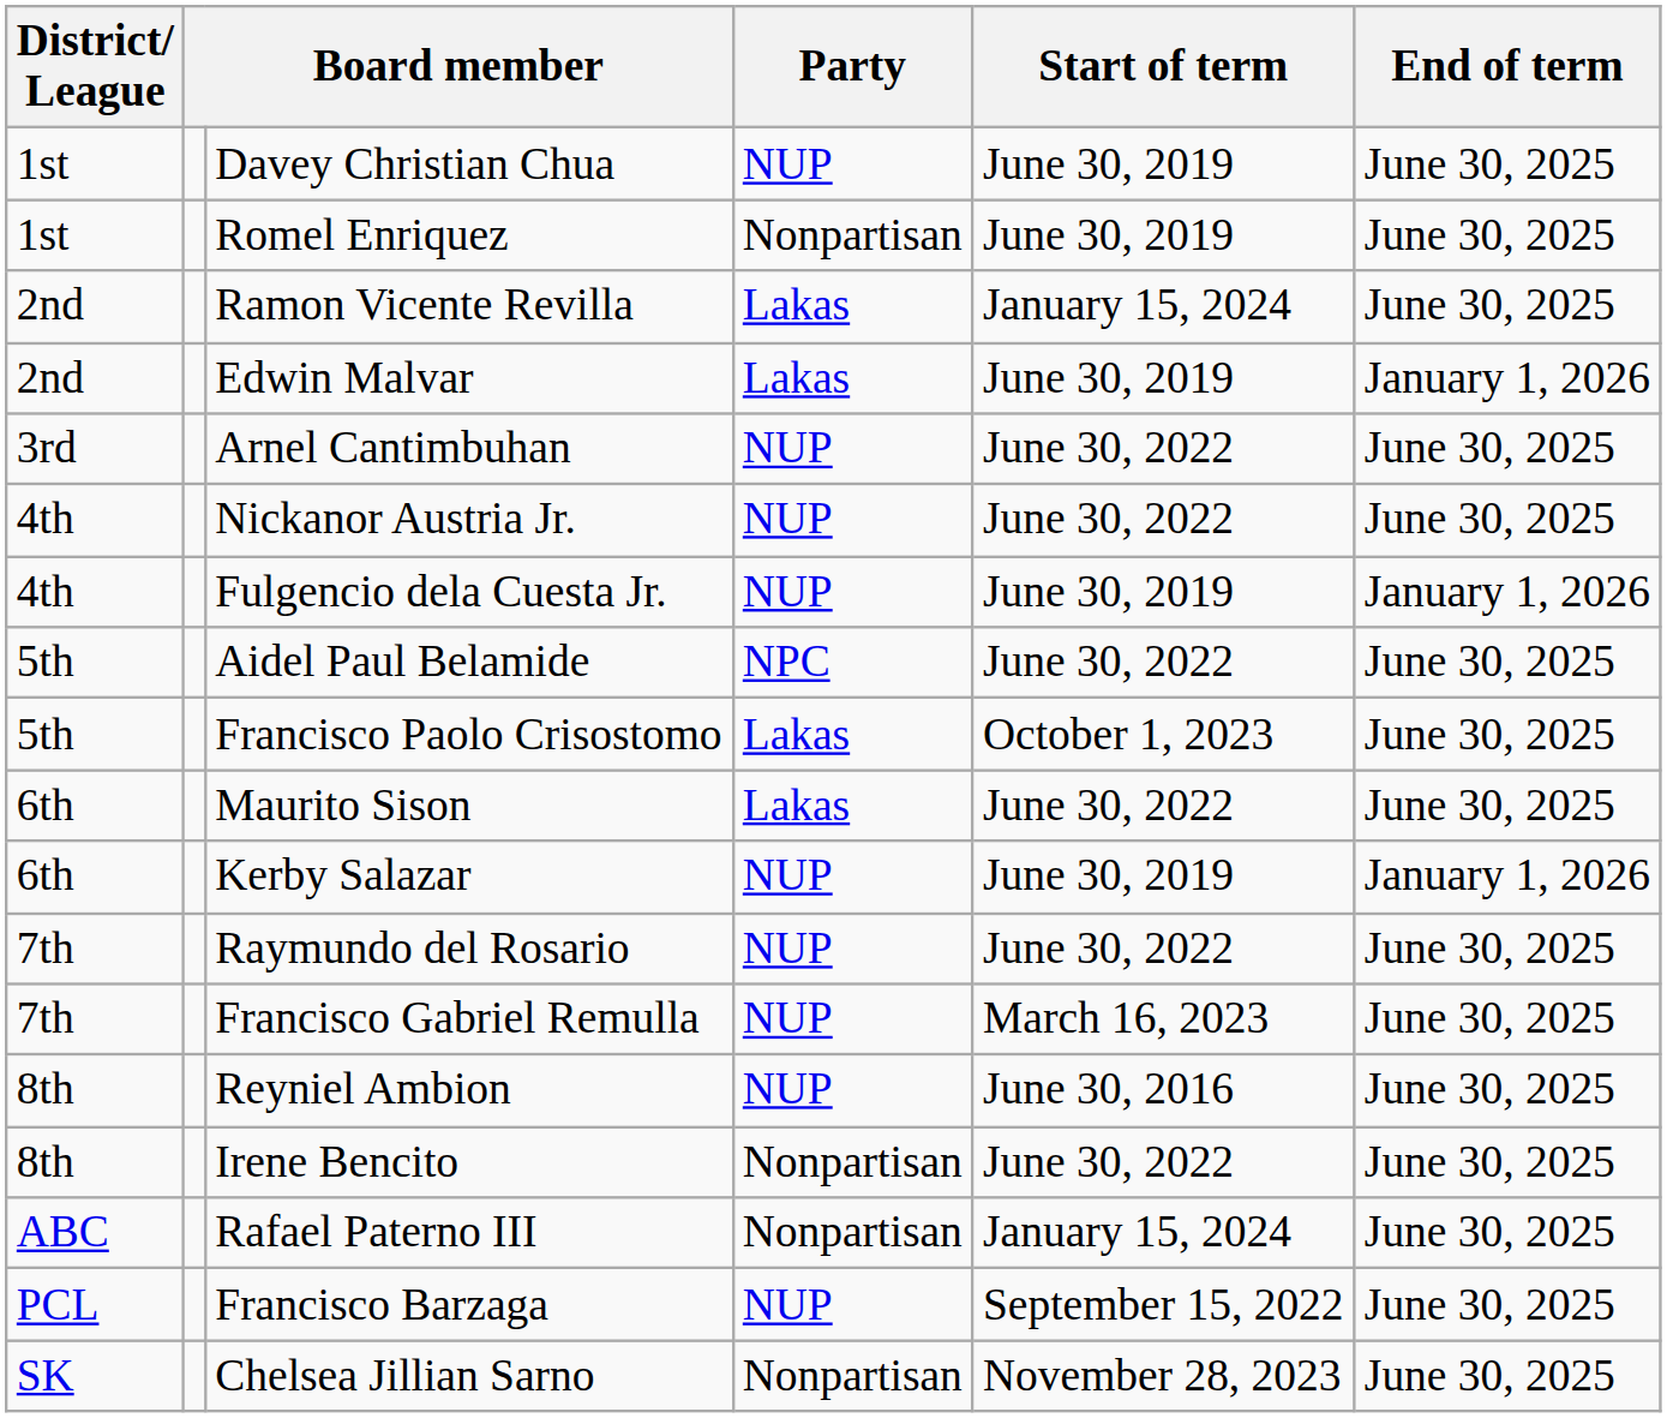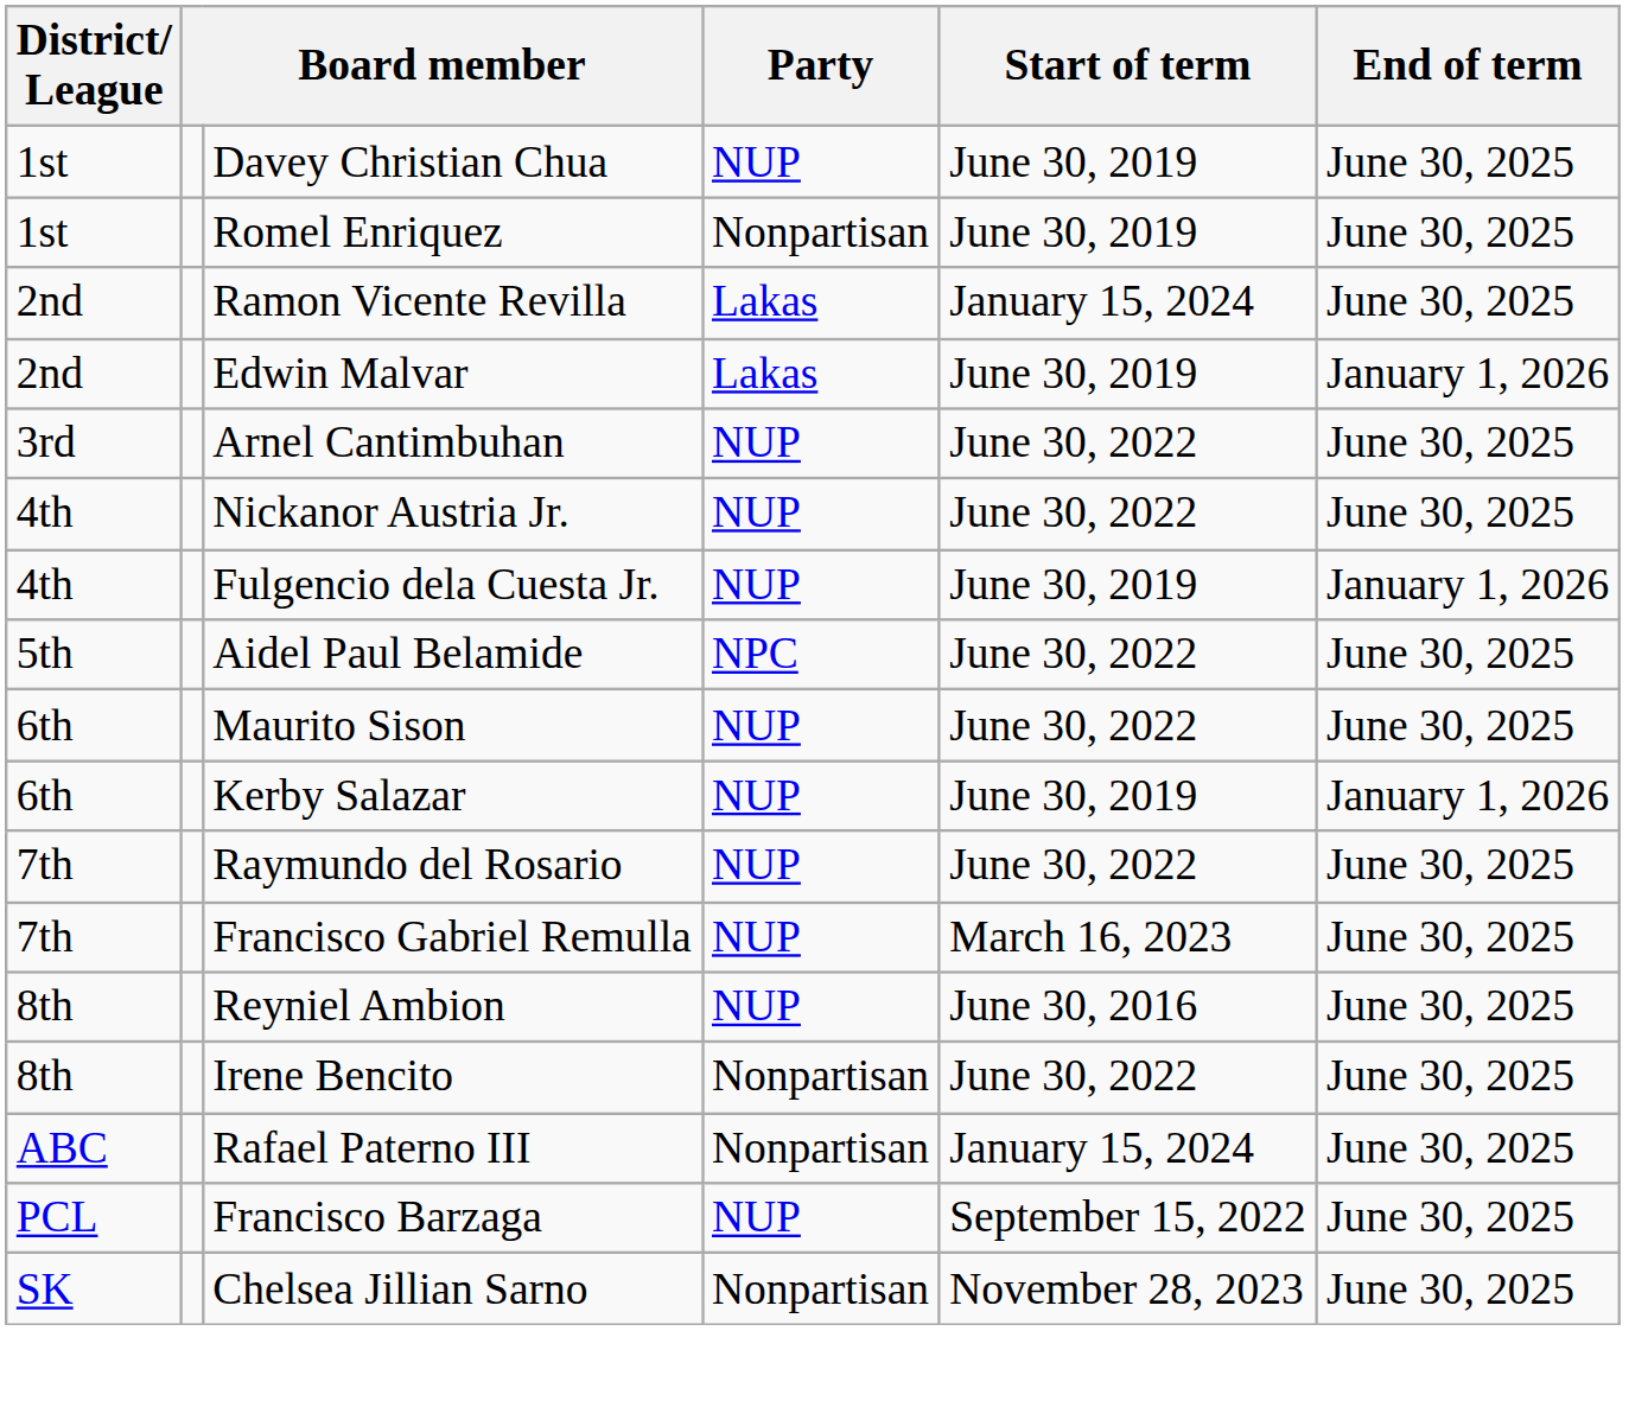 <table class="wikitable">
 <tr>
 <th>District/<br>League</th>
 <th colspan="2">Board member</th>
 <th>Party</th>
 <th>Start of term</th>
 <th>End of term</th>
 </tr>
 <tr>
 <td>1st</td>
 <td></td>
 <td>Davey Christian Chua</td>
 <td><a href='#'>NUP</a></td>
 <td>June 30, 2019</td>
 <td>June 30, 2025</td>
 </tr>
 <tr>
 <td>1st</td>
 <td></td>
 <td>Romel Enriquez</td>
 <td>Nonpartisan</td>
 <td>June 30, 2019</td>
 <td>June 30, 2025</td>
 </tr>
 <tr>
 <td>2nd</td>
 <td></td>
 <td>Ramon Vicente Revilla</td>
 <td><a href='#'>Lakas</a></td>
 <td>January 15, 2024</td>
 <td>June 30, 2025</td>
 </tr>
 <tr>
 <td>2nd</td>
 <td></td>
 <td>Edwin Malvar</td>
 <td><a href='#'>Lakas</a></td>
 <td>June 30, 2019</td>
 <td>January 1, 2026</td>
 </tr>
 <tr>
 <td>3rd</td>
 <td></td>
 <td>Arnel Cantimbuhan</td>
 <td><a href='#'>NUP</a></td>
 <td>June 30, 2022</td>
 <td>June 30, 2025</td>
 </tr>
 <tr>
 <td>4th</td>
 <td></td>
 <td>Nickanor Austria Jr.</td>
 <td><a href='#'>NUP</a></td>
 <td>June 30, 2022</td>
 <td>June 30, 2025</td>
 </tr>
 <tr>
 <td>4th</td>
 <td></td>
 <td>Fulgencio dela Cuesta Jr.</td>
 <td><a href='#'>NUP</a></td>
 <td>June 30, 2019</td>
 <td>January 1, 2026</td>
 </tr>
 <tr>
 <td>5th</td>
 <td></td>
 <td>Aidel Paul Belamide</td>
 <td><a href='#'>NPC</a></td>
 <td>June 30, 2022</td>
 <td>June 30, 2025</td>
 </tr>
 <tr>
-<td>5th</td>
-<td></td>
-<td>Francisco Paolo Crisostomo</td>
-<td><a href='#'>Lakas</a></td>
-<td>October 1, 2023</td>
-<td>June 30, 2025</td>
-</tr>
-<tr>
 <td>6th</td>
 <td></td>
 <td>Maurito Sison</td>
-<td><a href='#'>Lakas</a></td>
+<td><a href='#'>NUP</a></td>
 <td>June 30, 2022</td>
 <td>June 30, 2025</td>
 </tr>
 <tr>
 <td>6th</td>
 <td></td>
 <td>Kerby Salazar</td>
 <td><a href='#'>NUP</a></td>
 <td>June 30, 2019</td>
 <td>January 1, 2026</td>
 </tr>
 <tr>
 <td>7th</td>
 <td></td>
 <td>Raymundo del Rosario</td>
 <td><a href='#'>NUP</a></td>
 <td>June 30, 2022</td>
 <td>June 30, 2025</td>
 </tr>
 <tr>
 <td>7th</td>
 <td></td>
 <td>Francisco Gabriel Remulla</td>
 <td><a href='#'>NUP</a></td>
 <td>March 16, 2023</td>
 <td>June 30, 2025</td>
 </tr>
 <tr>
 <td>8th</td>
 <td></td>
 <td>Reyniel Ambion</td>
 <td><a href='#'>NUP</a></td>
 <td>June 30, 2016</td>
 <td>June 30, 2025</td>
 </tr>
 <tr>
 <td>8th</td>
 <td></td>
 <td>Irene Bencito</td>
 <td>Nonpartisan</td>
 <td>June 30, 2022</td>
 <td>June 30, 2025</td>
 </tr>
 <tr>
 <td><a href='#'>ABC</a></td>
 <td></td>
 <td>Rafael Paterno III</td>
 <td>Nonpartisan</td>
 <td>January 15, 2024</td>
 <td>June 30, 2025</td>
 </tr>
 <tr>
 <td><a href='#'>PCL</a></td>
 <td></td>
 <td>Francisco Barzaga</td>
 <td><a href='#'>NUP</a></td>
 <td>September 15, 2022</td>
 <td>June 30, 2025</td>
 </tr>
 <tr>
 <td><a href='#'>SK</a></td>
 <td></td>
 <td>Chelsea Jillian Sarno</td>
 <td>Nonpartisan</td>
 <td>November 28, 2023</td>
 <td>June 30, 2025</td>
 </tr>
 </table>
